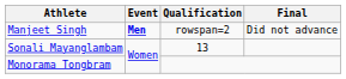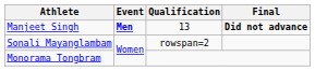 <table class=wikitable style=font-size:90%;text-align:center;>
 <tr>
 <th>Athlete</th>
 <th>Event</th>
 <th>Qualification</th>
 <th>Final</th>
 </tr>
 <tr>
 <td align=left><a href='#'>Manjeet Singh</a></td>
 <td align=left><strong><a href='#'>Men</a></strong></td>
-<td>rowspan=2 </td>
-<td>Did not advance</td>
+<td>13</td>
+<td><strong>Did not advance</strong></td>
 </tr>
 <tr>
 <td align=left><a href='#'>Sonali Mayanglambam</a></td>
 <td align=left rowspan="2"><a href='#'>Women</a></td>
-<td>13</td>
+<td>rowspan=2 </td>
 <td colspan="2"></td>
 </tr>
 <tr>
 <td align=left><a href='#'>Monorama Tongbram</a></td>
 <td colspan="2"></td>
 </tr>
 </table>
